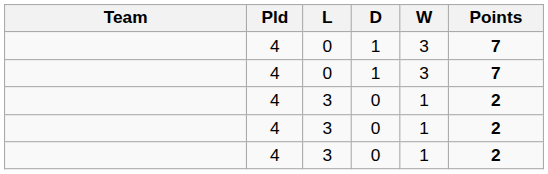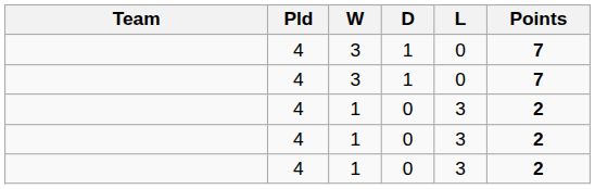 <table class=wikitable style="text-align:center" width=500>
 <tr>
 <th width=25%>Team</th>
 <th width=5%>Pld</th>
+<th width=5%>W</th>
+<th width=5%>D</th>
 <th width=5%>L</th>
-<th width=5%>D</th>
-<th width=5%>W</th>
 <th width=8%>Points</th>
 </tr>
 <tr>
 <td align="left"></td>
 <td>4</td>
+<td>3</td>
+<td>1</td>
 <td>0</td>
-<td>1</td>
-<td>3</td>
-<td><strong>7</strong></td>
-</tr>
-<tr>
-<td align="left"></td>
-<td>4</td>
-<td>0</td>
-<td>1</td>
-<td>3</td>
 <td><strong>7</strong></td>
 </tr>
 <tr>
 <td align="left"></td>
 <td>4</td>
 <td>3</td>
+<td>1</td>
 <td>0</td>
+<td><strong>7</strong></td>
+</tr>
+<tr>
+<td align="left"></td>
+<td>4</td>
 <td>1</td>
+<td>0</td>
+<td>3</td>
 <td><strong>2</strong></td>
 </tr>
 <tr>
 <td align="left"></td>
 <td>4</td>
+<td>1</td>
+<td>0</td>
 <td>3</td>
-<td>0</td>
-<td>1</td>
 <td><strong>2</strong></td>
 </tr>
 <tr>
 <td align="left"></td>
 <td>4</td>
+<td>1</td>
+<td>0</td>
 <td>3</td>
-<td>0</td>
-<td>1</td>
 <td><strong>2</strong></td>
 </tr>
 </table>
